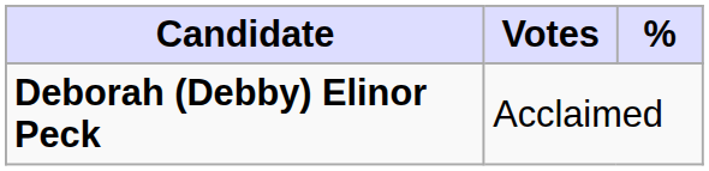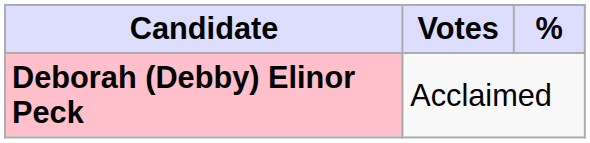 <table class="wikitable">
 <tr>
 <th style="background:#ddf; width:200px;">Candidate</th>
 <th style="background:#ddf; width:50px;">Votes</th>
 <th style="background:#ddf; width:30px;">%</th>
 </tr>
 <tr>
-<td><strong>Deborah (Debby) Elinor Peck</strong></td>
+<td style="background: pink;"><strong>Deborah (Debby) Elinor Peck</strong></td>
 <td colspan="2">Acclaimed</td>
 </tr>
 </table>
